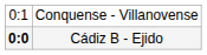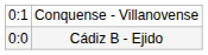 <table class="wikitable">
 <tr align=center bgcolor=white>
 <td>0:1</td>
 <td>Conquense - Villanovense</td>
 </tr>
 <tr align=center bgcolor=#F5F5F5>
-<td><strong>0:0</strong></td>
+<td>0:0</td>
 <td>Cádiz B - Ejido</td>
 </tr>
 </table>
